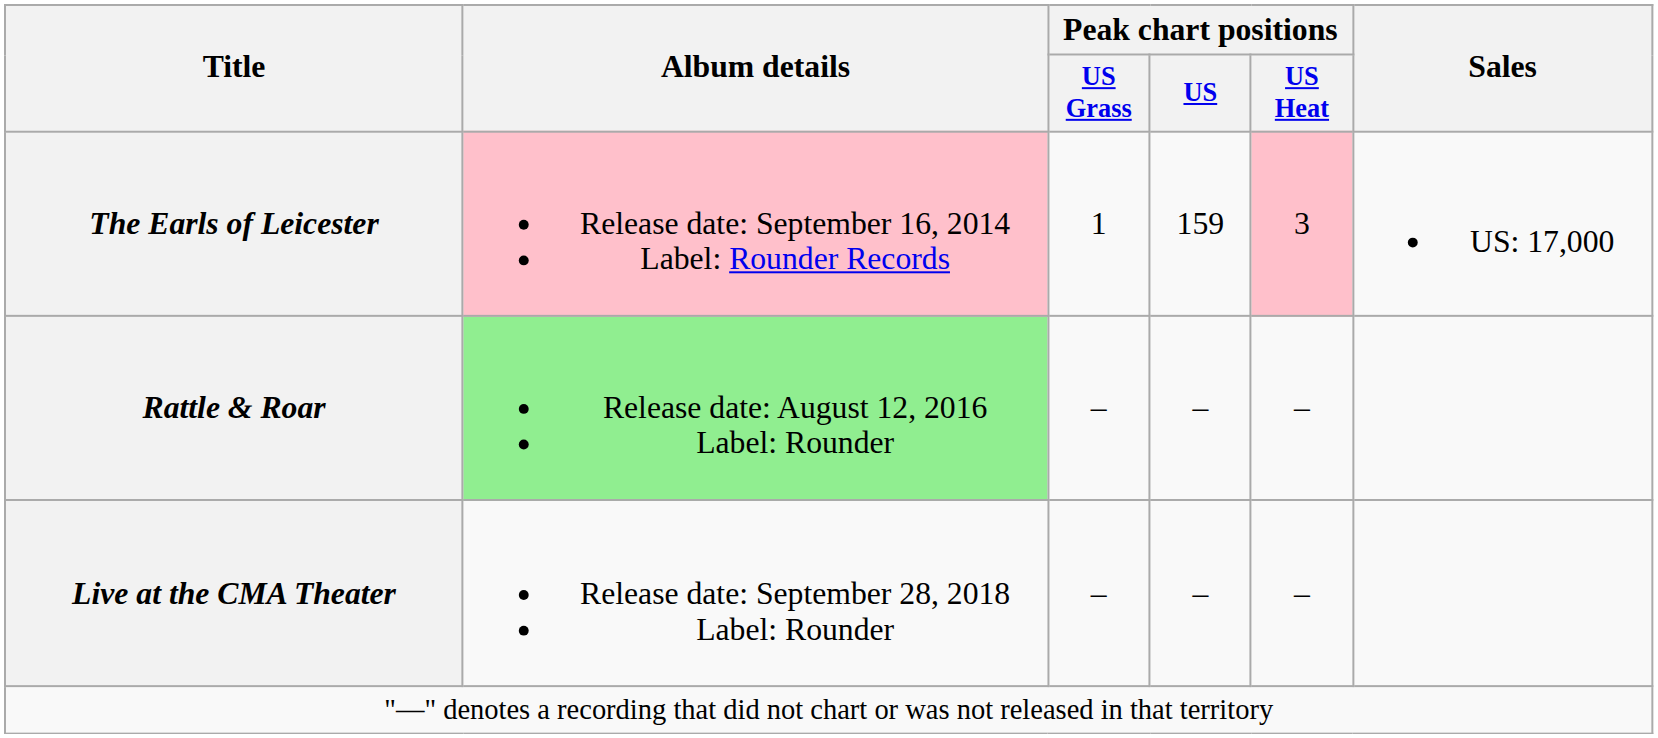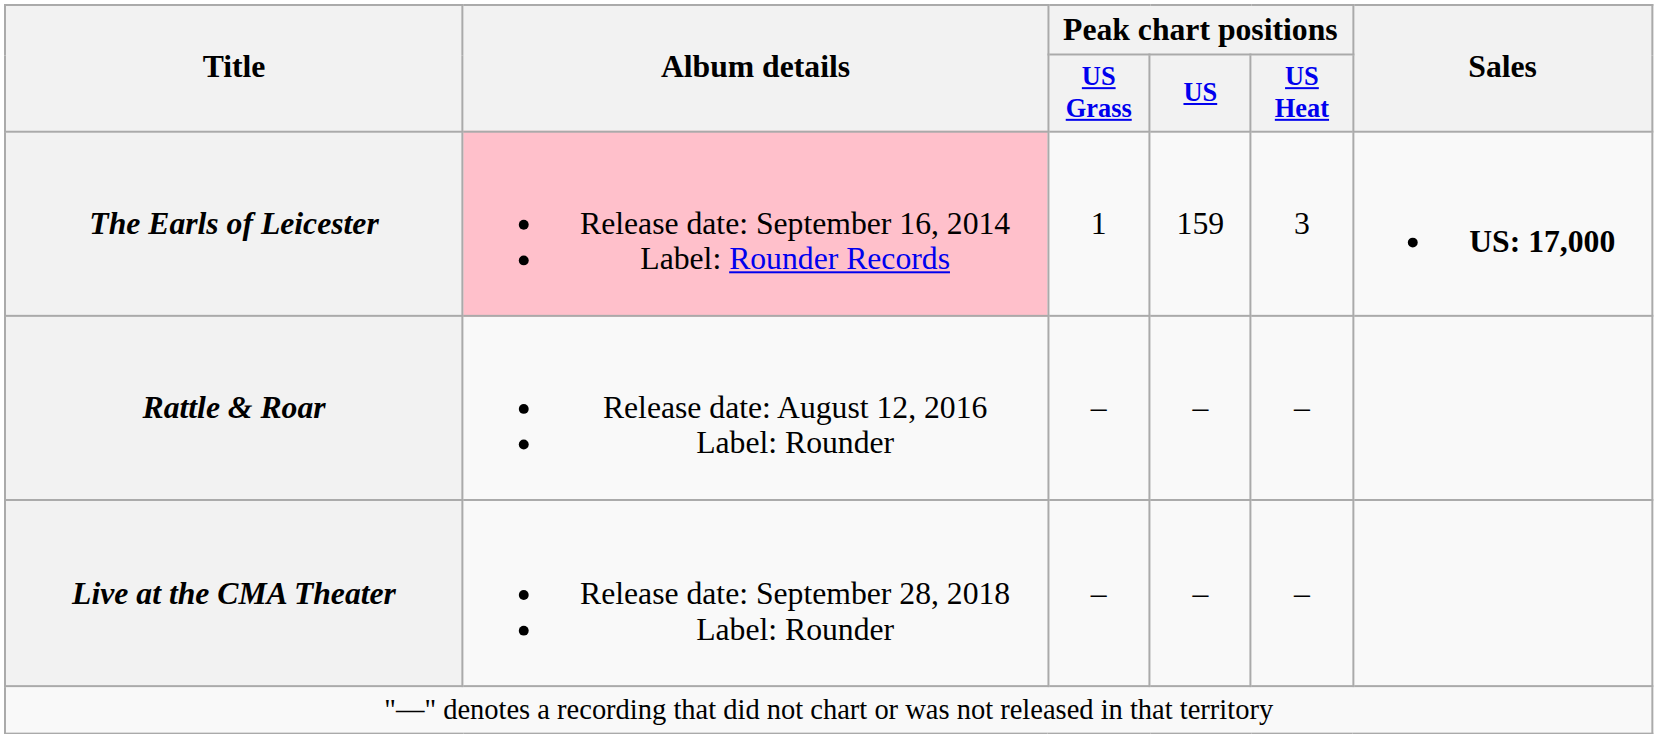 <table class="wikitable plainrowheaders" style="text-align:center;">
 <tr>
 <th rowspan="2" style="width:14em;">Title</th>
 <th rowspan="2" style="width:18em;">Album details</th>
 <th colspan="3">Peak chart positions</th>
 <th rowspan="2" style="width:9em;">Sales</th>
 </tr>
 <tr style="font-size:smaller;">
 <th width="45"><a href='#'>US Grass</a><br></th>
 <th width="45"><a href='#'>US</a><br></th>
 <th width="45"><a href='#'>US<br>Heat</a><br></th>
 </tr>
 <tr>
 <th scope="row"><em>The Earls of Leicester</em></th>
 <td style="background: pink;"><br><ul><li>Release date: September 16, 2014</li><li>Label: <a href='#'>Rounder Records</a></li></ul></td>
 <td>1</td>
 <td>159</td>
-<td style="background: pink;">3</td>
-<td><br><ul><li>US: 17,000</li></ul></td>
+<td>3</td>
+<td><strong><br><ul><li>US: 17,000</li></ul></strong></td>
 </tr>
 <tr>
 <th scope="row"><em>Rattle & Roar</em></th>
-<td style="background: lightgreen;"><br><ul><li>Release date: August 12, 2016</li><li>Label: Rounder</li></ul></td>
+<td><br><ul><li>Release date: August 12, 2016</li><li>Label: Rounder</li></ul></td>
 <td>–</td>
 <td>–</td>
 <td>–</td>
 <td></td>
 </tr>
 <tr>
 <th scope="row"><em>Live at the CMA Theater</em></th>
 <td><br><ul><li>Release date: September 28, 2018</li><li>Label: Rounder</li></ul></td>
 <td>–</td>
 <td>–</td>
 <td>–</td>
 <td></td>
 </tr>
 <tr>
 <td colspan="14" style="font-size:90%">"—" denotes a recording that did not chart or was not released in that territory</td>
 </tr>
 </table>
